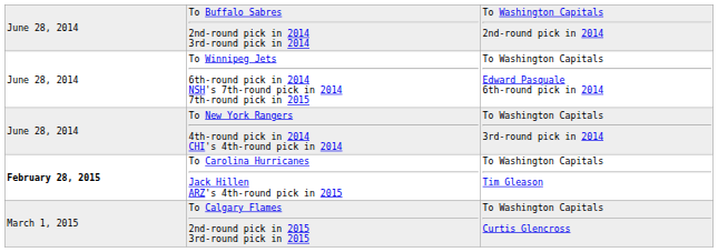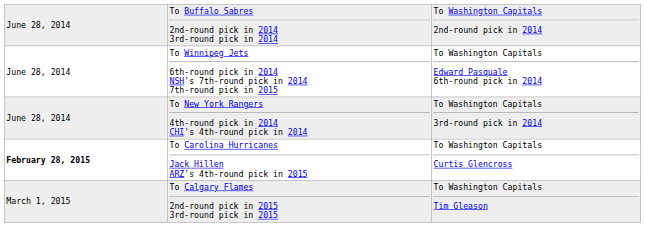 <table class="wikitable" style="border:1px solid #999999; width:80%;">
 <tr bgcolor="eeeeee">
 <td>June 28, 2014</td>
 <td valign="top">To <a href='#'>Buffalo Sabres</a><hr> 2nd-round pick in <a href='#'>2014</a><br>3rd-round pick in <a href='#'>2014</a></td>
 <td valign="top">To <a href='#'>Washington Capitals</a><hr> 2nd-round pick in <a href='#'>2014</a></td>
 </tr>
 <tr bgcolor="ffffff">
 <td>June 28, 2014</td>
 <td valign="top">To <a href='#'>Winnipeg Jets</a><hr> 6th-round pick in <a href='#'>2014</a><br><a href='#'>NSH</a>'s 7th-round pick in <a href='#'>2014</a><br>7th-round pick in <a href='#'>2015</a></td>
 <td valign="top">To Washington Capitals<hr> <a href='#'>Edward Pasquale</a><br>6th-round pick in <a href='#'>2014</a></td>
 </tr>
 <tr bgcolor="eeeeee">
 <td>June 28, 2014</td>
 <td valign="top">To <a href='#'>New York Rangers</a><hr> 4th-round pick in <a href='#'>2014</a><br><a href='#'>CHI</a>'s 4th-round pick in <a href='#'>2014</a></td>
 <td valign="top">To Washington Capitals<hr> 3rd-round pick in <a href='#'>2014</a></td>
 </tr>
 <tr bgcolor="ffffff">
 <td><strong>February 28, 2015</strong></td>
 <td valign="top">To <a href='#'>Carolina Hurricanes</a><hr> <a href='#'>Jack Hillen</a><br><a href='#'>ARZ</a>'s 4th-round pick in <a href='#'>2015</a></td>
-<td valign="top">To Washington Capitals<hr> <a href='#'>Tim Gleason</a></td>
+<td valign="top">To Washington Capitals<hr> <a href='#'>Curtis Glencross</a></td>
 </tr>
 <tr bgcolor="eeeeee">
 <td>March 1, 2015</td>
 <td valign="top">To <a href='#'>Calgary Flames</a><hr> 2nd-round pick in <a href='#'>2015</a><br>3rd-round pick in <a href='#'>2015</a></td>
-<td valign="top">To Washington Capitals<hr> <a href='#'>Curtis Glencross</a></td>
+<td valign="top">To Washington Capitals<hr> <a href='#'>Tim Gleason</a></td>
 </tr>
 </table>
